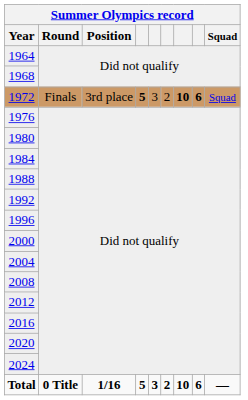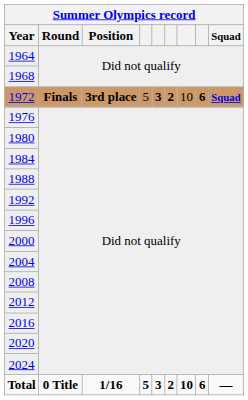 <table class="wikitable" style="text-align: center;">
 <tr>
 <th colspan=9><a href='#'>Summer Olympics record</a></th>
 </tr>
 <tr>
 <th>Year</th>
 <th>Round</th>
 <th>Position</th>
 <th></th>
 <th></th>
 <th></th>
 <th></th>
 <th></th>
 <th><small>Squad</small></th>
 </tr>
 <tr bgcolor="efefef">
 <td> <a href='#'>1964</a></td>
 <td colspan=8 rowspan=2 align=center>Did not qualify</td>
 </tr>
 <tr bgcolor="efefef">
 <td> <a href='#'>1968</a></td>
 </tr>
 <tr bgcolor="cc9966">
 <td> <a href='#'>1972</a></td>
-<td>Finals</td>
-<td>3rd place</td>
-<td><strong>5</strong></td>
-<td>3</td>
-<td>2</td>
-<td><strong>10</strong></td>
+<td><strong>Finals</strong></td>
+<td><strong>3rd place</strong></td>
+<td>5</td>
+<td><strong>3</strong></td>
+<td><strong>2</strong></td>
+<td>10</td>
 <td><strong>6</strong></td>
-<td><small><a href='#'>Squad</a></small></td>
+<td><strong><small><a href='#'>Squad</a></small></strong></td>
 </tr>
 <tr bgcolor="efefef">
 <td> <a href='#'>1976</a></td>
 <td colspan=8 rowspan=13 align=center>Did not qualify</td>
 </tr>
 <tr bgcolor="efefef">
 <td> <a href='#'>1980</a></td>
 </tr>
 <tr bgcolor="efefef">
 <td> <a href='#'>1984</a></td>
 </tr>
 <tr bgcolor="efefef">
 <td> <a href='#'>1988</a></td>
 </tr>
 <tr bgcolor="efefef">
 <td> <a href='#'>1992</a></td>
 </tr>
 <tr bgcolor="efefef">
 <td> <a href='#'>1996</a></td>
 </tr>
 <tr bgcolor="efefef">
 <td> <a href='#'>2000</a></td>
 </tr>
 <tr bgcolor="efefef">
 <td> <a href='#'>2004</a></td>
 </tr>
 <tr bgcolor="efefef">
 <td> <a href='#'>2008</a></td>
 </tr>
 <tr bgcolor="efefef">
 <td> <a href='#'>2012</a></td>
 </tr>
 <tr bgcolor="efefef">
 <td> <a href='#'>2016</a></td>
 </tr>
 <tr bgcolor="efefef">
 <td> <a href='#'>2020</a></td>
 </tr>
 <tr bgcolor="efefef">
 <td> <a href='#'>2024</a></td>
 </tr>
 <tr>
 <td colspan=1><strong>Total</strong></td>
 <td><strong>0 Title</strong></td>
 <td><strong>1/16</strong></td>
 <td><strong>5</strong></td>
 <td><strong>3</strong></td>
 <td><strong>2</strong></td>
 <td><strong>10</strong></td>
 <td><strong>6</strong></td>
 <td><strong>—</strong></td>
 </tr>
 </table>
